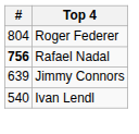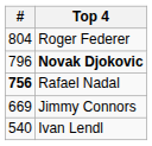 <table class="wikitable" style="display:inline-table;">
 <tr>
 <th>#</th>
 <th>Top 4</th>
 </tr>
 <tr>
 <td>804</td>
 <td> Roger Federer</td>
 </tr>
 <tr>
+<td>796</td>
+<td> <strong>Novak Djokovic</strong></td>
+</tr>
+<tr>
 <td><strong>756</strong></td>
 <td> Rafael Nadal</td>
 </tr>
 <tr>
-<td>639</td>
+<td>669</td>
 <td> Jimmy Connors</td>
 </tr>
 <tr>
 <td>540</td>
 <td> Ivan Lendl</td>
 </tr>
 </table>
